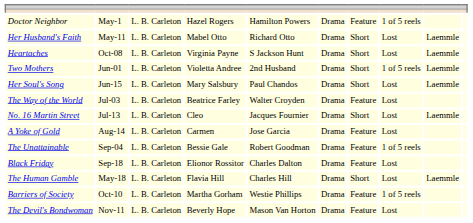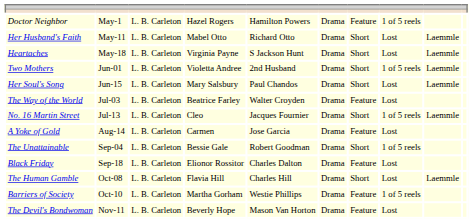 <table class="wikitable mw-collapsible mw-collapsed" style="background:lightyellow; border:2px solid gray;font-size:80%">
 <tr>
 <th colspan="18" style="border:1px solid #808080;background: lightgrey; "></th>
 </tr>
 <tr>
 <th style="border: 0px solid #FFFAF5; background:#F2E0CE"></th>
 <th style="border:0px solid #FFFAF5; background:#F2E0CE"></th>
 <th style="border:0px solid #FFFAF5; background:#F2E0CE"></th>
 <th style="border:0px solid #FFFAF5; background:#F2E0CE"></th>
 <th style="border:0px solid #FFFAF5; background:#F2E0CE"></th>
 <th style="border:0px solid #FFFAF5; background:#F2E0CE"></th>
 <th style="border:0px solid #FFFAF5; background:#F2E0CE"></th>
 <th style="border:0px solid #FFFAF5; background:#F2E0CE"></th>
 <th style="border:0px solid #FFFAF5; background:#F2E0CE"></th>
 <th style="border:0px solid #FFFAF5; background:#F2E0CE"></th>
 </tr>
 <tr>
 <td style="border:3px solid #FFFFFF"><em>Doctor Neighbor</em></td>
 <td style="border:3px solid #FFFFFF">May-1</td>
 <td style="border:3px solid #FFFFFF">L. B. Carleton</td>
 <td style="border:3px solid #FFFFFF">Hazel Rogers</td>
 <td style="border:3px solid #FFFFFF">Hamilton Powers</td>
 <td style="border:3px solid #FFFFFF">Drama</td>
 <td style="border:3px solid #FFFFFF">Feature</td>
 <td style="border:3px solid #FFFFFF">1 of 5 reels</td>
 <td style="border:3px solid #FFFFFF"></td>
 <td style="border:3px solid #FFFFFF"></td>
 </tr>
 <tr>
 <td style="border:3px solid #FFFFFF"><em><a href='#'>Her Husband's Faith</a></em></td>
 <td style="border:3px solid #FFFFFF">May-11</td>
 <td style="border:3px solid #FFFFFF">L. B. Carleton</td>
 <td style="border:3px solid #FFFFFF">Mabel Otto</td>
 <td style="border:3px solid #FFFFFF">Richard Otto</td>
 <td style="border:3px solid #FFFFFF">Drama</td>
 <td style="border:3px solid #FFFFFF">Short</td>
 <td style="border:3px solid #FFFFFF">Lost</td>
 <td style="border:3px solid #FFFFFF">Laemmle</td>
 <td style="border:3px solid #FFFFFF"></td>
 </tr>
 <tr>
 <td style="border:3px solid #FFFFFF"><em><a href='#'>Heartaches</a> </em></td>
-<td style="border:3px solid #FFFFFF">Oct-08</td>
+<td style="border:3px solid #FFFFFF">May-18</td>
 <td style="border:3px solid #FFFFFF">L. B. Carleton</td>
 <td style="border:3px solid #FFFFFF">Virginia Payne</td>
 <td style="border:3px solid #FFFFFF">S Jackson Hunt</td>
 <td style="border:3px solid #FFFFFF">Drama</td>
 <td style="border:3px solid #FFFFFF">Short</td>
 <td style="border:3px solid #FFFFFF">Lost</td>
 <td style="border:3px solid #FFFFFF">Laemmle</td>
 <td style="border:3px solid #FFFFFF"></td>
 </tr>
 <tr>
 <td style="border:3px solid #FFFFFF"><em><a href='#'>Two Mothers</a></em></td>
 <td style="border:3px solid #FFFFFF">Jun-01</td>
 <td style="border:3px solid #FFFFFF">L. B. Carleton</td>
 <td style="border:3px solid #FFFFFF">Violetta Andree</td>
 <td style="border:3px solid #FFFFFF">2nd Husband</td>
 <td style="border:3px solid #FFFFFF">Drama</td>
 <td style="border:3px solid #FFFFFF">Short</td>
 <td style="border:3px solid #FFFFFF">1 of 5 reels</td>
 <td style="border:3px solid #FFFFFF">Laemmle</td>
 <td style="border:3px solid #FFFFFF"></td>
 </tr>
 <tr>
 <td style="border:3px solid #FFFFFF"><em><a href='#'>Her Soul's Song</a></em></td>
 <td style="border:3px solid #FFFFFF">Jun-15</td>
 <td style="border:3px solid #FFFFFF">L. B. Carleton</td>
 <td style="border:3px solid #FFFFFF">Mary Salsbury</td>
 <td style="border:3px solid #FFFFFF">Paul Chandos</td>
 <td style="border:3px solid #FFFFFF">Drama</td>
 <td style="border:3px solid #FFFFFF">Short</td>
 <td style="border:3px solid #FFFFFF">Lost</td>
 <td style="border:3px solid #FFFFFF">Laemmle</td>
 <td style="border:3px solid #FFFFFF"></td>
 </tr>
 <tr>
 <td style="border:3px solid #FFFFFF"><em><a href='#'>The Way of the World</a></em></td>
 <td style="border:3px solid #FFFFFF">Jul-03</td>
 <td style="border:3px solid #FFFFFF">L. B. Carleton</td>
 <td style="border:3px solid #FFFFFF">Beatrice Farley</td>
 <td style="border:3px solid #FFFFFF">Walter Croyden</td>
 <td style="border:3px solid #FFFFFF">Drama</td>
 <td style="border:3px solid #FFFFFF">Feature</td>
 <td style="border:3px solid #FFFFFF">Lost</td>
 <td style="border:3px solid #FFFFFF"></td>
 <td style="border:3px solid #FFFFFF"></td>
 </tr>
 <tr>
 <td style="border:3px solid #FFFFFF"><em><a href='#'>No. 16 Martin Street</a></em></td>
 <td style="border:3px solid #FFFFFF">Jul-13</td>
 <td style="border:3px solid #FFFFFF">L. B. Carleton</td>
 <td style="border:3px solid #FFFFFF">Cleo</td>
 <td style="border:3px solid #FFFFFF">Jacques Fournier</td>
 <td style="border:3px solid #FFFFFF">Drama</td>
 <td style="border:3px solid #FFFFFF">Short</td>
-<td style="border:3px solid #FFFFFF">Lost</td>
+<td style="border:3px solid #FFFFFF">1 of 5 reels</td>
 <td style="border:3px solid #FFFFFF">Laemmle</td>
 <td style="border:3px solid #FFFFFF"></td>
 </tr>
 <tr>
 <td style="border:3px solid #FFFFFF"><em><a href='#'>A Yoke of Gold</a></em></td>
 <td style="border:3px solid #FFFFFF">Aug-14</td>
 <td style="border:3px solid #FFFFFF">L. B. Carleton</td>
 <td style="border:3px solid #FFFFFF">Carmen</td>
 <td style="border:3px solid #FFFFFF">Jose Garcia</td>
 <td style="border:3px solid #FFFFFF">Drama</td>
 <td style="border:3px solid #FFFFFF">Feature</td>
 <td style="border:3px solid #FFFFFF">Lost</td>
 <td style="border:3px solid #FFFFFF"></td>
 <td style="border:3px solid #FFFFFF"></td>
 </tr>
 <tr>
 <td style="border:3px solid #FFFFFF"><em><a href='#'>The Unattainable</a></em></td>
 <td style="border:3px solid #FFFFFF">Sep-04</td>
 <td style="border:3px solid #FFFFFF">L. B. Carleton</td>
 <td style="border:3px solid #FFFFFF">Bessie Gale</td>
 <td style="border:3px solid #FFFFFF">Robert Goodman</td>
 <td style="border:3px solid #FFFFFF">Drama</td>
-<td style="border:3px solid #FFFFFF">Feature</td>
+<td style="border:3px solid #FFFFFF">Short</td>
 <td style="border:3px solid #FFFFFF">1 of 5 reels</td>
 <td style="border:3px solid #FFFFFF"></td>
 <td style="border:3px solid #FFFFFF"></td>
 </tr>
 <tr>
 <td style="border:3px solid #FFFFFF"><em><a href='#'>Black Friday</a></em></td>
 <td style="border:3px solid #FFFFFF">Sep-18</td>
 <td style="border:3px solid #FFFFFF">L. B. Carleton</td>
 <td style="border:3px solid #FFFFFF">Elionor Rossitor</td>
 <td style="border:3px solid #FFFFFF">Charles Dalton</td>
 <td style="border:3px solid #FFFFFF">Drama</td>
 <td style="border:3px solid #FFFFFF">Feature</td>
 <td style="border:3px solid #FFFFFF">Lost</td>
 <td style="border:3px solid #FFFFFF"></td>
 <td style="border:3px solid #FFFFFF"></td>
 </tr>
 <tr>
 <td style="border:3px solid #FFFFFF"><em><a href='#'>The Human Gamble</a></em></td>
-<td style="border:3px solid #FFFFFF">May-18</td>
+<td style="border:3px solid #FFFFFF">Oct-08</td>
 <td style="border:3px solid #FFFFFF">L. B. Carleton</td>
 <td style="border:3px solid #FFFFFF">Flavia Hill</td>
 <td style="border:3px solid #FFFFFF">Charles Hill</td>
 <td style="border:3px solid #FFFFFF">Drama</td>
 <td style="border:3px solid #FFFFFF">Short</td>
 <td style="border:3px solid #FFFFFF">Lost</td>
 <td style="border:3px solid #FFFFFF">Laemmle</td>
 <td style="border:3px solid #FFFFFF"></td>
 </tr>
 <tr>
 <td style="border:3px solid #FFFFFF"><em><a href='#'>Barriers of Society</a></em></td>
 <td style="border:3px solid #FFFFFF">Oct-10</td>
 <td style="border:3px solid #FFFFFF">L. B. Carleton</td>
 <td style="border:3px solid #FFFFFF">Martha Gorham</td>
 <td style="border:3px solid #FFFFFF">Westie Phillips</td>
 <td style="border:3px solid #FFFFFF">Drama</td>
 <td style="border:3px solid #FFFFFF">Feature</td>
 <td style="border:3px solid #FFFFFF">1 of 5 reels</td>
 <td style="border:3px solid #FFFFFF"></td>
 <td style="border:3px solid #FFFFFF"></td>
 </tr>
 <tr>
 <td style="border:3px solid #FFFFFF"><em><a href='#'>The Devil's Bondwoman</a></em></td>
 <td style="border:3px solid #FFFFFF">Nov-11</td>
 <td style="border:3px solid #FFFFFF">L. B. Carleton</td>
 <td style="border:3px solid #FFFFFF">Beverly Hope</td>
 <td style="border:3px solid #FFFFFF">Mason Van Horton</td>
 <td style="border:3px solid #FFFFFF">Drama</td>
 <td style="border:3px solid #FFFFFF">Feature</td>
 <td style="border:3px solid #FFFFFF">Lost</td>
 <td style="border:3px solid #FFFFFF"></td>
 <td style="border:3px solid #FFFFFF"></td>
 </tr>
 </table>
